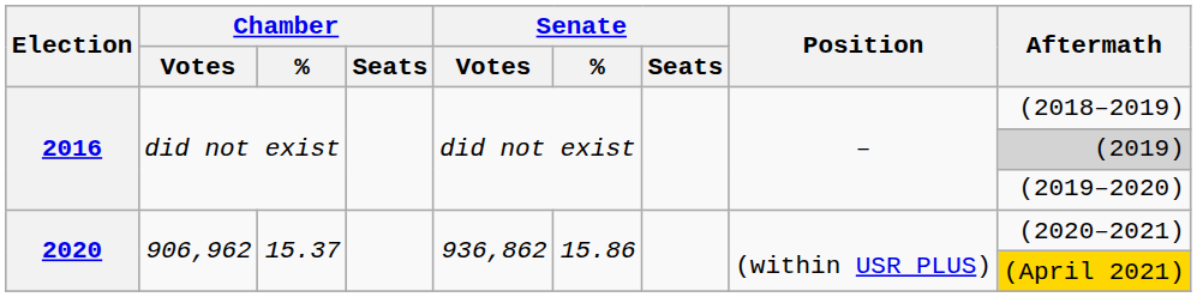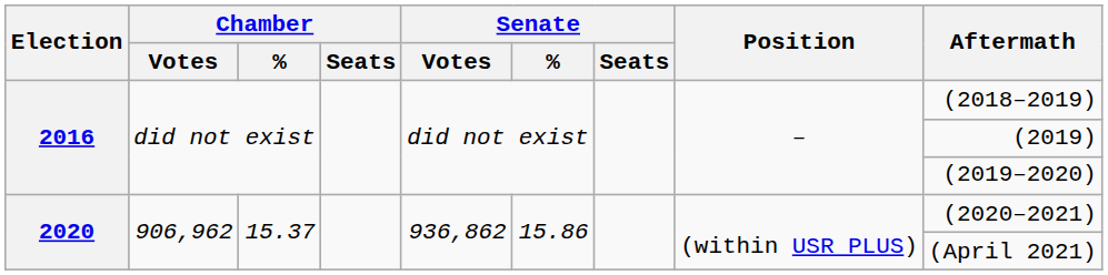 <table class="wikitable" style="text-align: right;">
 <tr>
 <th rowspan="2">Election</th>
 <th colspan="3"><a href='#'>Chamber</a></th>
 <th colspan="3"><a href='#'>Senate</a></th>
 <th rowspan="2">Position</th>
 <th rowspan="2">Aftermath</th>
 </tr>
 <tr>
 <th>Votes</th>
 <th>%</th>
 <th>Seats</th>
 <th>Votes</th>
 <th>%</th>
 <th>Seats</th>
 </tr>
 <tr>
 <th rowspan="3"><a href='#'>2016</a></th>
 <td rowspan="3" ; colspan=2; style="text-align: center;"><em>did not exist</em></td>
 <td rowspan="3"></td>
 <td rowspan="3" ; colspan=2; style="text-align: center;"><em>did not exist</em></td>
 <td rowspan="3"></td>
 <td rowspan="3" ; style="text-align: center;">–</td>
 <td> (2018–2019)</td>
 </tr>
 <tr>
-<td style="background: lightgrey;"> (2019)</td>
+<td> (2019)</td>
 </tr>
 <tr>
 <td> (2019–2020)</td>
 </tr>
 <tr>
 <th rowspan="2"><a href='#'>2020</a></th>
 <td rowspan="2"><em>906,962</em></td>
 <td rowspan="2"><em>15.37</em></td>
 <td rowspan="2"></td>
 <td rowspan="2"><em>936,862</em></td>
 <td rowspan="2"><em>15.86</em></td>
 <td rowspan="2"></td>
 <td rowspan="2" ; style="text-align: center;"> <br> (within <a href='#'>USR PLUS</a>)</td>
 <td> (2020–2021)</td>
 </tr>
 <tr>
-<td style="background: gold;"> (April 2021)</td>
+<td> (April 2021)</td>
 </tr>
 </table>
